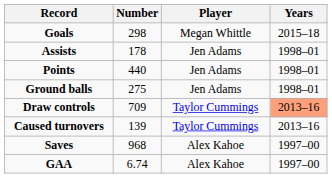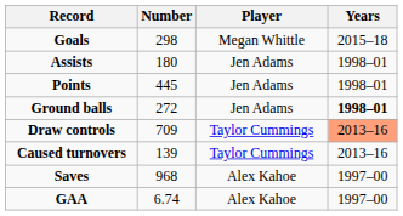 <table class="wikitable">
 <tr>
 <th style="width:140px; ">Record</th>
 <th style="width:35px; ">Number</th>
 <th style="width:140px; ">Player</th>
 <th style="width:70px; ">Years</th>
 </tr>
 <tr style="text-align:center;">
 <td><strong>Goals</strong></td>
 <td>298</td>
 <td>Megan Whittle</td>
 <td>2015–18</td>
 </tr>
 <tr style="text-align:center;">
 <td><strong>Assists</strong></td>
-<td>178</td>
+<td>180</td>
 <td>Jen Adams</td>
 <td>1998–01</td>
 </tr>
 <tr style="text-align:center;">
 <td><strong>Points</strong></td>
-<td>440</td>
+<td>445</td>
 <td>Jen Adams</td>
 <td>1998–01</td>
 </tr>
 <tr style="text-align:center;">
 <td><strong>Ground balls</strong></td>
-<td>275</td>
+<td>272</td>
 <td>Jen Adams</td>
-<td>1998–01</td>
+<td><strong>1998–01</strong></td>
 </tr>
 <tr style="text-align:center;">
 <td><strong>Draw controls</strong></td>
 <td>709</td>
 <td><a href='#'>Taylor Cummings</a></td>
 <td style="background: lightsalmon;">2013–16</td>
 </tr>
 <tr style="text-align:center;">
 <td><strong>Caused turnovers</strong></td>
 <td>139</td>
 <td><a href='#'>Taylor Cummings</a></td>
 <td>2013–16</td>
 </tr>
 <tr style="text-align:center;">
 <td><strong>Saves</strong></td>
 <td>968</td>
 <td>Alex Kahoe</td>
 <td>1997–00</td>
 </tr>
 <tr style="text-align:center;">
 <td><strong>GAA</strong></td>
 <td>6.74</td>
 <td>Alex Kahoe</td>
 <td>1997–00</td>
 </tr>
 </table>
